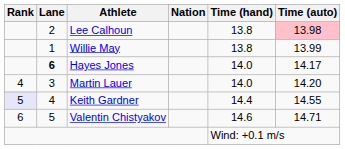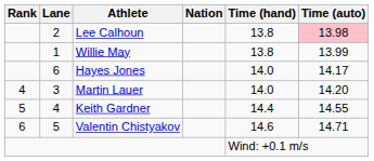 <table class="wikitable sortable" style="text-align:center">
 <tr>
 <th>Rank</th>
 <th>Lane</th>
 <th>Athlete</th>
 <th>Nation</th>
 <th>Time (hand)</th>
 <th>Time (auto)</th>
 </tr>
 <tr>
 <td></td>
 <td>2</td>
 <td align=left><a href='#'>Lee Calhoun</a></td>
 <td align=left></td>
 <td>13.8</td>
 <td style="background: pink;">13.98</td>
 </tr>
 <tr>
 <td></td>
 <td>1</td>
 <td align=left><a href='#'>Willie May</a></td>
 <td align=left></td>
 <td>13.8</td>
 <td>13.99</td>
 </tr>
 <tr>
 <td></td>
-<td><strong>6</strong></td>
+<td>6</td>
 <td align=left><a href='#'>Hayes Jones</a></td>
 <td align=left></td>
 <td>14.0</td>
 <td>14.17</td>
 </tr>
 <tr>
 <td>4</td>
 <td>3</td>
 <td align=left><a href='#'>Martin Lauer</a></td>
 <td align=left></td>
 <td>14.0</td>
 <td>14.20</td>
 </tr>
 <tr>
-<td style="background: lavender;">5</td>
+<td>5</td>
 <td>4</td>
 <td align=left><a href='#'>Keith Gardner</a></td>
 <td align=left></td>
 <td>14.4</td>
 <td>14.55</td>
 </tr>
 <tr>
 <td>6</td>
 <td>5</td>
 <td align=left><a href='#'>Valentin Chistyakov</a></td>
 <td align=left></td>
 <td>14.6</td>
 <td>14.71</td>
 </tr>
 <tr class="sortbottom">
 <td colspan=4></td>
 <td colspan="3" style="text-align:left;">Wind: +0.1 m/s</td>
 </tr>
 </table>
